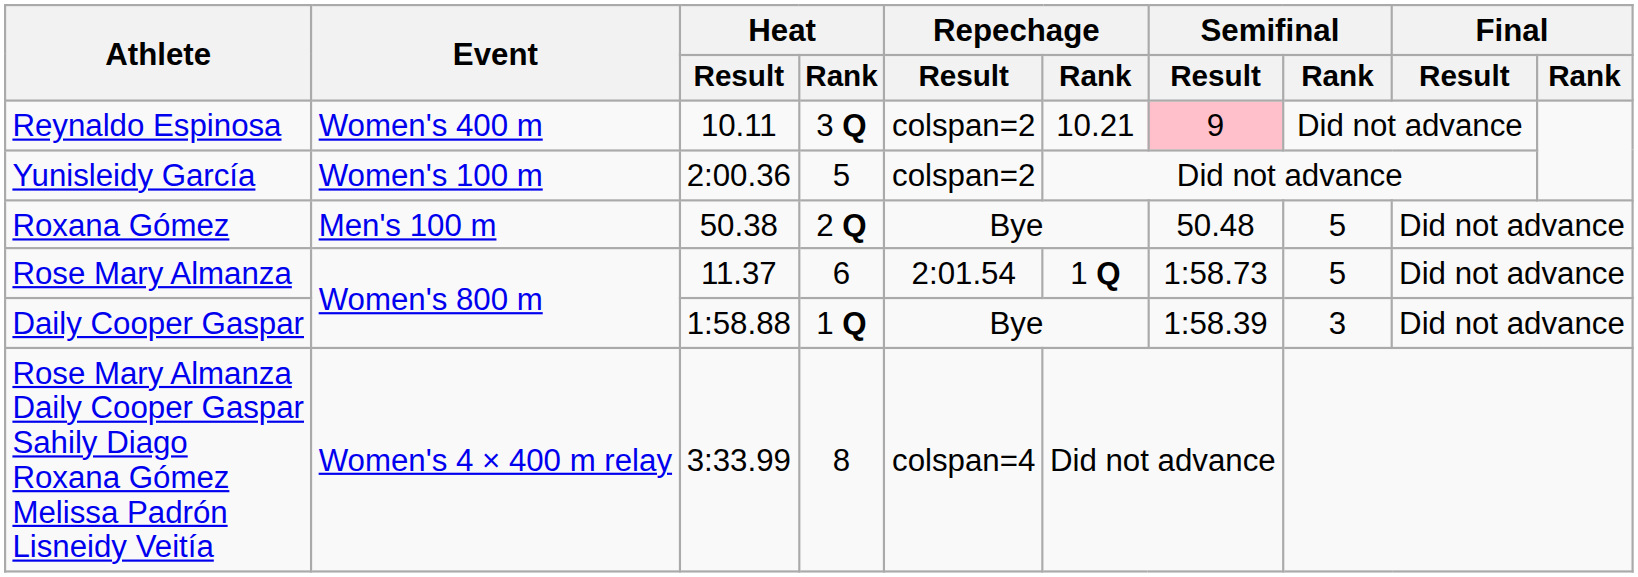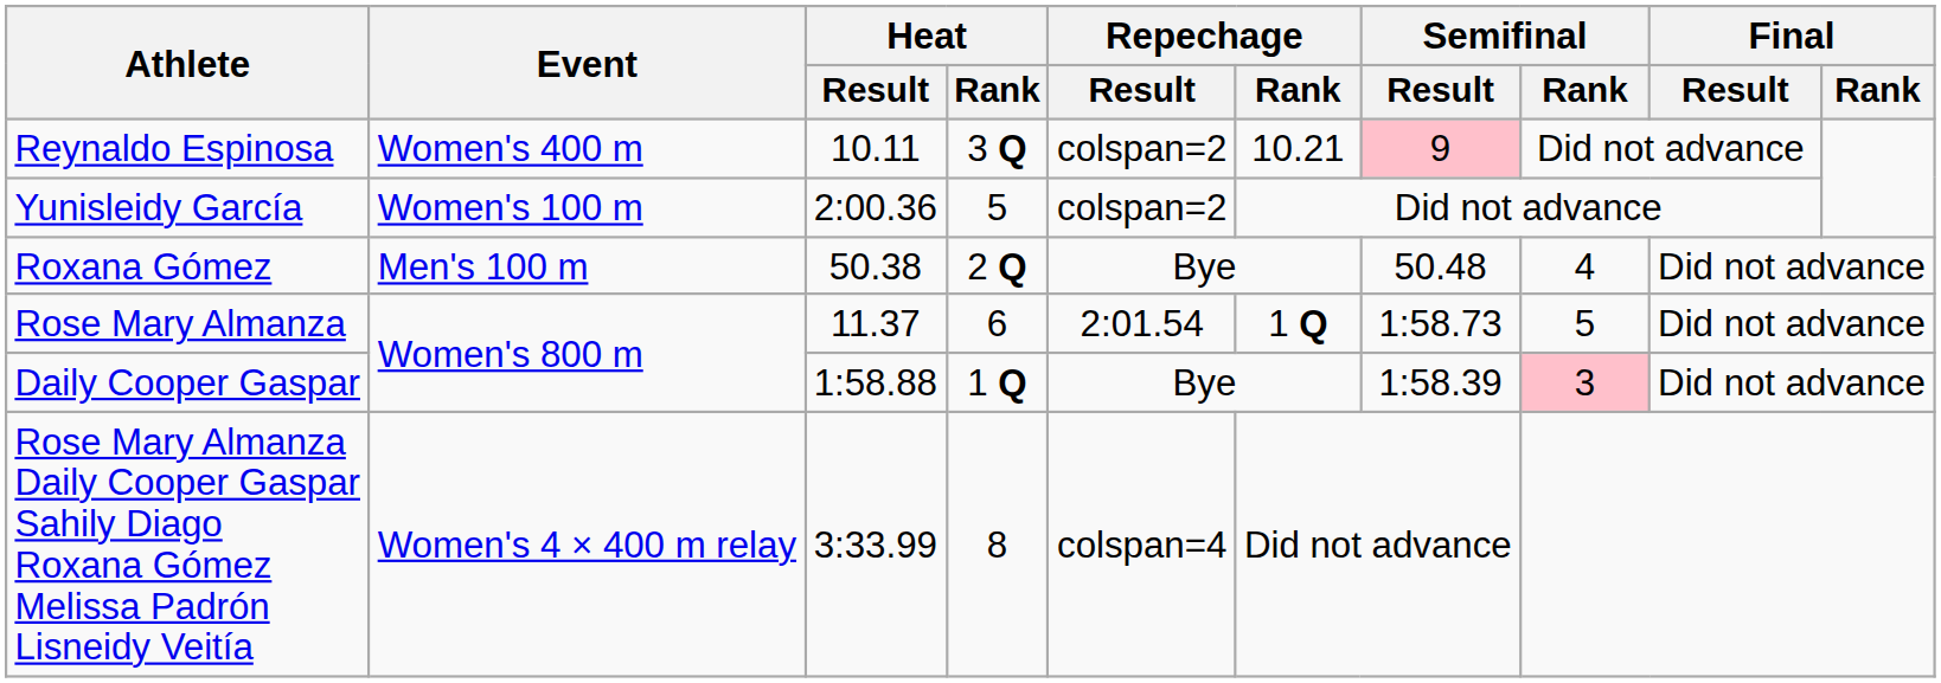 <table class="wikitable" style="font-size:90%">
 <tr>
 <th rowspan="2">Athlete</th>
 <th rowspan="2">Event</th>
 <th colspan="2">Heat</th>
 <th colspan="2">Repechage</th>
 <th colspan="2">Semifinal</th>
 <th colspan="2">Final</th>
 </tr>
 <tr style="font-size:95%">
 <th>Result</th>
 <th>Rank</th>
 <th>Result</th>
 <th>Rank</th>
 <th>Result</th>
 <th>Rank</th>
 <th>Result</th>
 <th>Rank</th>
 </tr>
 <tr align=center>
 <td align=left><a href='#'>Reynaldo Espinosa</a></td>
 <td align=left><a href='#'>Women's 400 m</a></td>
 <td>10.11</td>
 <td>3 <strong>Q</strong></td>
 <td>colspan=2 </td>
 <td>10.21</td>
 <td style="background: pink;">9</td>
 <td colspan=2>Did not advance</td>
 </tr>
 <tr align=center>
 <td align=left><a href='#'>Yunisleidy García</a></td>
 <td align=left><a href='#'>Women's 100 m</a></td>
 <td>2:00.36</td>
 <td>5</td>
 <td>colspan=2 </td>
 <td colspan=4>Did not advance</td>
 </tr>
 <tr align=center>
 <td align=left><a href='#'>Roxana Gómez</a></td>
 <td align=left><a href='#'>Men's 100 m</a></td>
 <td>50.38 <strong></strong></td>
 <td>2 <strong>Q</strong></td>
 <td colspan=2>Bye</td>
 <td>50.48</td>
-<td>5</td>
+<td>4</td>
 <td colspan=2>Did not advance</td>
 </tr>
 <tr align=center>
 <td align=left><a href='#'>Rose Mary Almanza</a></td>
 <td rowspan="2" align="left"><a href='#'>Women's 800 m</a></td>
 <td>11.37</td>
 <td>6</td>
 <td>2:01.54</td>
 <td>1 <strong>Q</strong></td>
 <td>1:58.73</td>
 <td>5</td>
 <td colspan=2>Did not advance</td>
 </tr>
 <tr align=center>
 <td><a href='#'>Daily Cooper Gaspar</a></td>
 <td>1:58.88</td>
 <td>1 <strong>Q</strong></td>
 <td colspan=2>Bye</td>
 <td>1:58.39</td>
-<td>3</td>
+<td style="background: pink;">3</td>
 <td colspan=2>Did not advance</td>
 </tr>
 <tr align=center>
 <td align=left><a href='#'>Rose Mary Almanza</a><br><a href='#'>Daily Cooper Gaspar</a><br><a href='#'>Sahily Diago</a><br><a href='#'>Roxana Gómez</a><br><a href='#'>Melissa Padrón</a><br><a href='#'>Lisneidy Veitía</a></td>
 <td align=left><a href='#'>Women's 4 × 400 m relay</a></td>
 <td>3:33.99</td>
 <td>8</td>
 <td>colspan=4 </td>
 <td colspan=2>Did not advance</td>
 </tr>
 </table>
